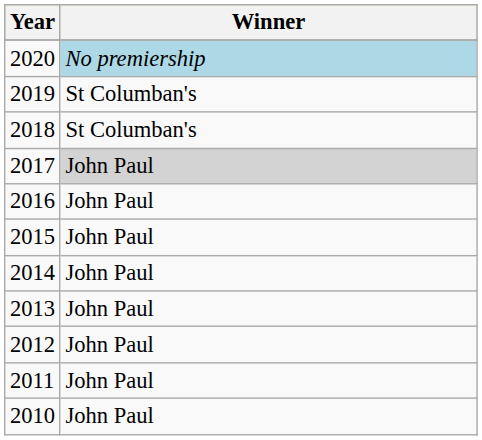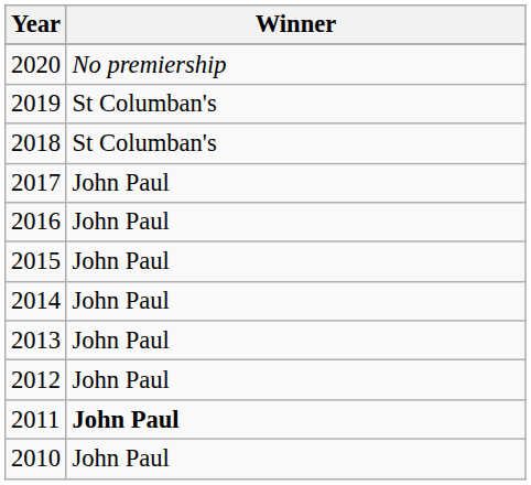 <table class="wikitable">
 <tr bgcolor=#bdb76b>
 <th style="width:2em;">Year</th>
 <th style="width:18em;">Winner</th>
 </tr>
 <tr>
 </tr>
 <tr>
 <td>2020</td>
-<td style="background: lightblue;"><em>No premiership</em></td>
+<td><em>No premiership</em></td>
 </tr>
 <tr>
 <td>2019</td>
 <td>St Columban's</td>
 </tr>
 <tr>
 <td>2018</td>
 <td>St Columban's</td>
 </tr>
 <tr>
 <td>2017</td>
-<td style="background: lightgrey;">John Paul</td>
+<td>John Paul</td>
 </tr>
 <tr>
 <td>2016</td>
 <td>John Paul</td>
 </tr>
 <tr>
 <td>2015</td>
 <td>John Paul</td>
 </tr>
 <tr>
 <td>2014</td>
 <td>John Paul</td>
 </tr>
 <tr>
 <td>2013</td>
 <td>John Paul</td>
 </tr>
 <tr>
 <td>2012</td>
 <td>John Paul</td>
 </tr>
 <tr>
 <td>2011</td>
-<td>John Paul</td>
+<td><strong>John Paul</strong></td>
 </tr>
 <tr>
 <td>2010</td>
 <td>John Paul</td>
 </tr>
 </table>
